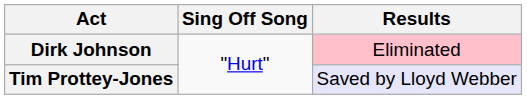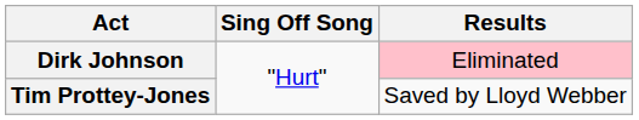 <table class="wikitable plainrowheaders" style="text-align:center;">
 <tr>
 <th scope="col">Act</th>
 <th scope="col">Sing Off Song</th>
 <th scope="col">Results</th>
 </tr>
 <tr>
 <th scope="row">Dirk Johnson</th>
 <td rowspan="2">"<a href='#'>Hurt</a>"</td>
 <td style="background:pink;">Eliminated</td>
 </tr>
 <tr>
 <th scope="row">Tim Prottey-Jones</th>
-<td style="background: lavender;">Saved by Lloyd Webber</td>
+<td>Saved by Lloyd Webber</td>
 </tr>
 </table>
